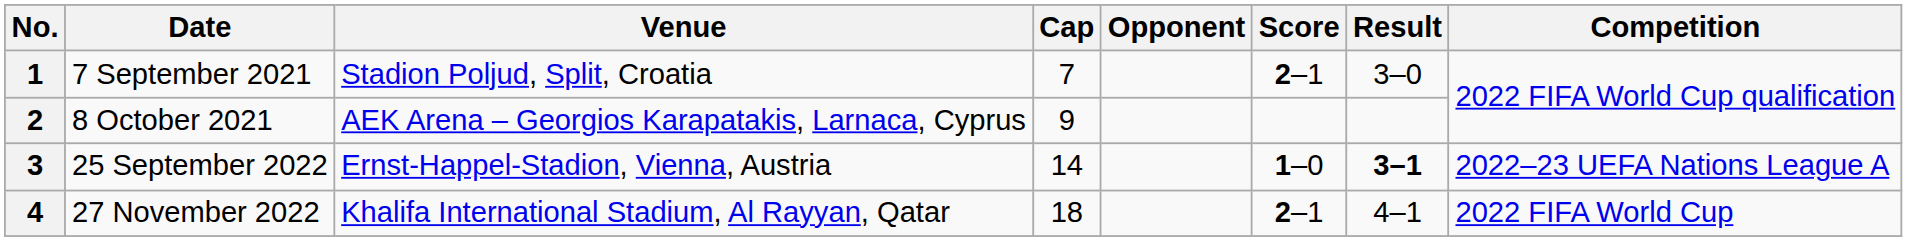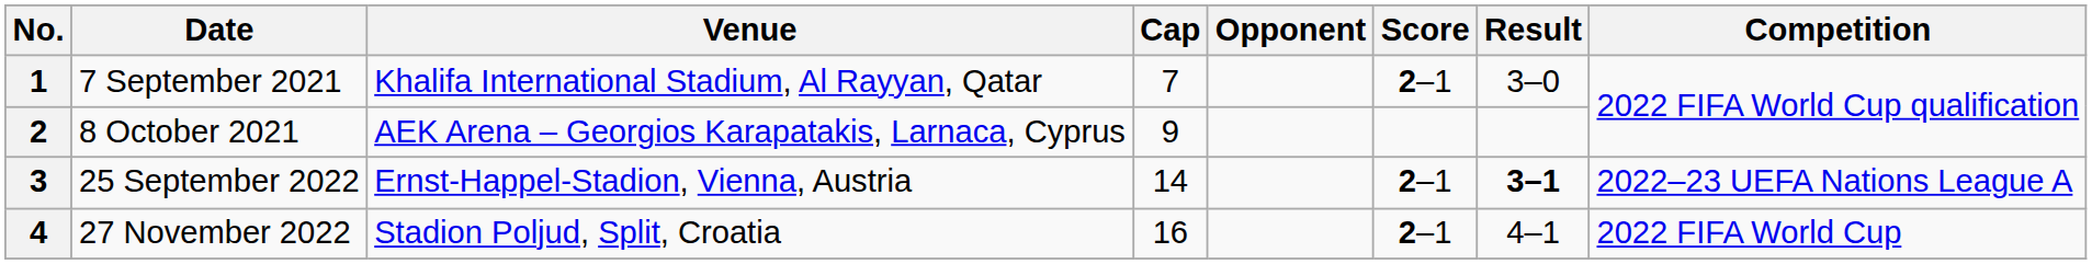 <table class="wikitable sortable">
 <tr>
 <th scope=col>No.</th>
 <th scope=col data-sort-type=date>Date</th>
 <th scope=col>Venue</th>
 <th scope=col>Cap</th>
 <th scope=col>Opponent</th>
 <th scope=col>Score</th>
 <th scope=col>Result</th>
 <th scope=col>Competition</th>
 </tr>
 <tr>
 <th>1</th>
 <td>7 September 2021</td>
-<td><a href='#'>Stadion Poljud</a>, <a href='#'>Split</a>, Croatia</td>
+<td><a href='#'>Khalifa International Stadium</a>, <a href='#'>Al Rayyan</a>, Qatar</td>
 <td align=center>7</td>
 <td></td>
 <td align=center><strong>2</strong>–1</td>
 <td align=center>3–0</td>
 <td rowspan="2'"><a href='#'>2022 FIFA World Cup qualification</a></td>
 </tr>
 <tr>
 <th>2</th>
 <td>8 October 2021</td>
 <td><a href='#'>AEK Arena – Georgios Karapatakis</a>, <a href='#'>Larnaca</a>, Cyprus</td>
 <td align=center>9</td>
 <td></td>
 <td></td>
 <td></td>
 </tr>
 <tr>
 <th>3</th>
 <td>25 September 2022</td>
 <td><a href='#'>Ernst-Happel-Stadion</a>, <a href='#'>Vienna</a>, Austria</td>
 <td align=center>14</td>
 <td></td>
-<td align=center><strong>1</strong>–0</td>
+<td align=center><strong>2</strong>–1</td>
 <td align=center><strong>3–1</strong></td>
 <td><a href='#'>2022–23 UEFA Nations League A</a></td>
 </tr>
 <tr>
 <th>4</th>
 <td>27 November 2022</td>
-<td><a href='#'>Khalifa International Stadium</a>, <a href='#'>Al Rayyan</a>, Qatar</td>
-<td align=center>18</td>
+<td><a href='#'>Stadion Poljud</a>, <a href='#'>Split</a>, Croatia</td>
+<td align=center>16</td>
 <td></td>
 <td align=center><strong>2</strong>–1</td>
 <td align=center>4–1</td>
 <td><a href='#'>2022 FIFA World Cup</a></td>
 </tr>
 </table>
